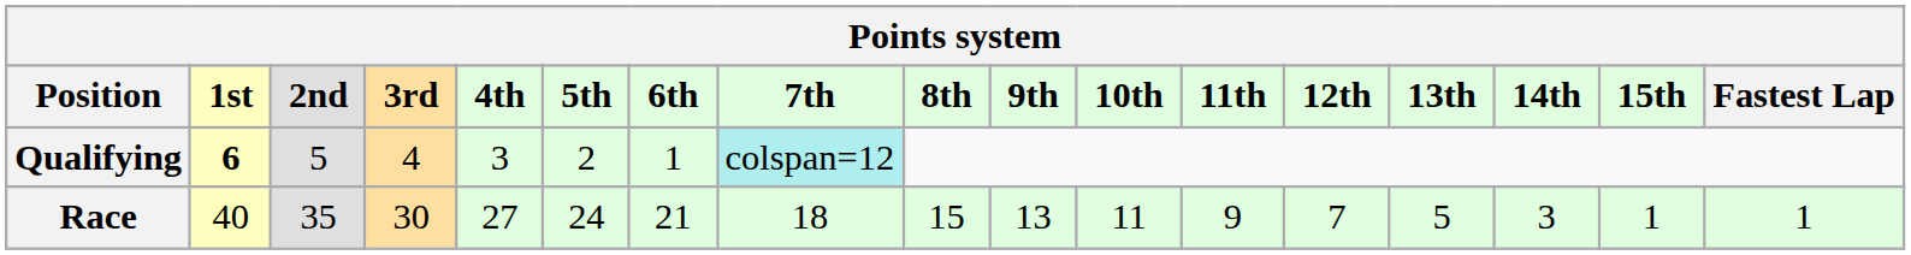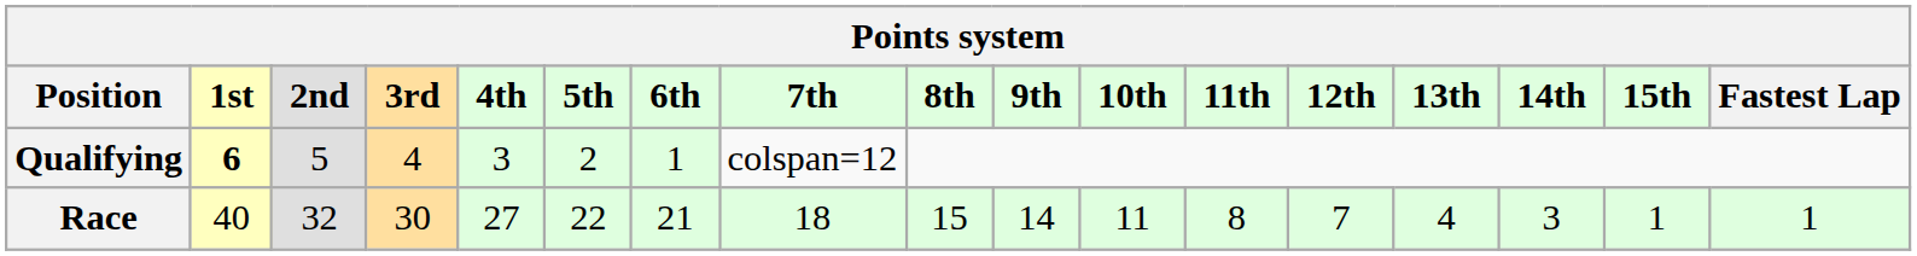 <table class="wikitable" style="font-size:85%; text-align:center">
 <tr>
 <th colspan="23">Points system</th>
 </tr>
 <tr>
 <th>Position</th>
 <td style="background:#ffffbf;"> <strong>1st</strong> </td>
 <td style="background:#dfdfdf;"> <strong>2nd</strong> </td>
 <td style="background:#ffdf9f;"> <strong>3rd</strong> </td>
 <td style="background:#dfffdf;"> <strong>4th</strong> </td>
 <td style="background:#dfffdf;"> <strong>5th</strong> </td>
 <td style="background:#dfffdf;"> <strong>6th</strong> </td>
 <td style="background:#dfffdf;"> <strong>7th</strong> </td>
 <td style="background:#dfffdf;"> <strong>8th</strong> </td>
 <td style="background:#dfffdf;"> <strong>9th</strong> </td>
 <td style="background:#dfffdf;"> <strong>10th</strong> </td>
 <td style="background:#dfffdf;"> <strong>11th</strong> </td>
 <td style="background:#dfffdf;"> <strong>12th</strong> </td>
 <td style="background:#dfffdf;"> <strong>13th</strong> </td>
 <td style="background:#dfffdf;"> <strong>14th</strong> </td>
 <td style="background:#dfffdf;"> <strong>15th</strong> </td>
 <th>Fastest Lap</th>
 </tr>
 <tr>
 <th>Qualifying</th>
 <td style="background:#ffffbf;"><strong>6</strong></td>
 <td style="background:#dfdfdf;">5</td>
 <td style="background:#ffdf9f;">4</td>
 <td style="background:#dfffdf;">3</td>
 <td style="background:#dfffdf;">2</td>
 <td style="background:#dfffdf;">1</td>
-<td style="background: paleturquoise;">colspan=12 </td>
+<td>colspan=12 </td>
 </tr>
 <tr>
 <th>Race</th>
 <td style="background:#ffffbf;">40</td>
-<td style="background:#dfdfdf;">35</td>
+<td style="background:#dfdfdf;">32</td>
 <td style="background:#ffdf9f;">30</td>
 <td style="background:#dfffdf;">27</td>
-<td style="background:#dfffdf;">24</td>
+<td style="background:#dfffdf;">22</td>
 <td style="background:#dfffdf;">21</td>
 <td style="background:#dfffdf;">18</td>
 <td style="background:#dfffdf;">15</td>
-<td style="background:#dfffdf;">13</td>
+<td style="background:#dfffdf;">14</td>
 <td style="background:#dfffdf;">11</td>
-<td style="background:#dfffdf;">9</td>
+<td style="background:#dfffdf;">8</td>
 <td style="background:#dfffdf;">7</td>
-<td style="background:#dfffdf;">5</td>
+<td style="background:#dfffdf;">4</td>
 <td style="background:#dfffdf;">3</td>
 <td style="background:#dfffdf;">1</td>
 <td style="background:#dfffdf;">1</td>
 </tr>
 </table>
